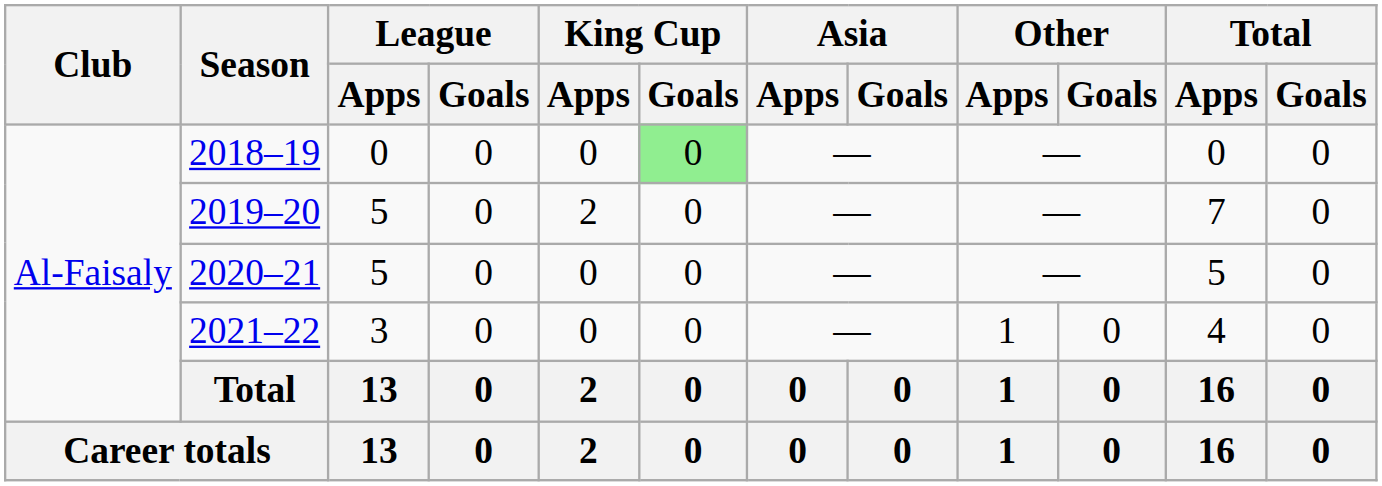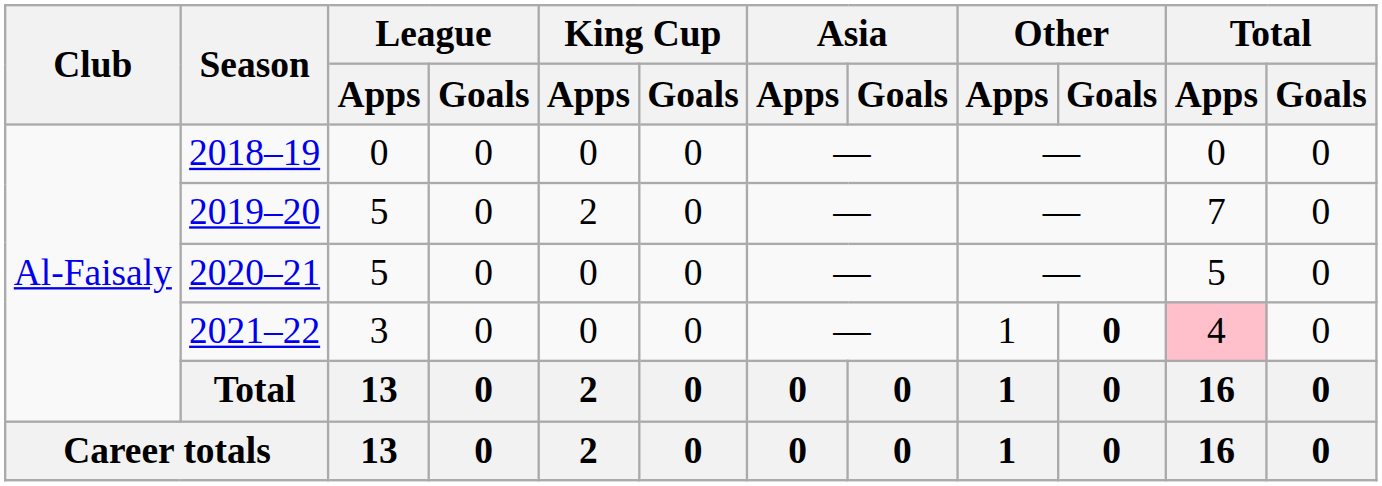 <table class="wikitable" style="text-align: center">
 <tr>
 <th rowspan=2>Club</th>
 <th rowspan=2>Season</th>
 <th colspan=2>League</th>
 <th colspan=2>King Cup</th>
 <th colspan=2>Asia</th>
 <th colspan=2>Other</th>
 <th colspan=2>Total</th>
 </tr>
 <tr>
 <th>Apps</th>
 <th>Goals</th>
 <th>Apps</th>
 <th>Goals</th>
 <th>Apps</th>
 <th>Goals</th>
 <th>Apps</th>
 <th>Goals</th>
 <th>Apps</th>
 <th>Goals</th>
 </tr>
 <tr>
 <td rowspan=5><a href='#'>Al-Faisaly</a></td>
 <td><a href='#'>2018–19</a></td>
 <td>0</td>
 <td>0</td>
 <td>0</td>
-<td style="background: lightgreen;">0</td>
+<td>0</td>
 <td colspan=2>—</td>
 <td colspan=2>—</td>
 <td>0</td>
 <td>0</td>
 </tr>
 <tr>
 <td><a href='#'>2019–20</a></td>
 <td>5</td>
 <td>0</td>
 <td>2</td>
 <td>0</td>
 <td colspan=2>—</td>
 <td colspan=2>—</td>
 <td>7</td>
 <td>0</td>
 </tr>
 <tr>
 <td><a href='#'>2020–21</a></td>
 <td>5</td>
 <td>0</td>
 <td>0</td>
 <td>0</td>
 <td colspan=2>—</td>
 <td colspan=2>—</td>
 <td>5</td>
 <td>0</td>
 </tr>
 <tr>
 <td><a href='#'>2021–22</a></td>
 <td>3</td>
 <td>0</td>
 <td>0</td>
 <td>0</td>
 <td colspan=2>—</td>
 <td>1</td>
-<td>0</td>
-<td>4</td>
+<td><strong>0</strong></td>
+<td style="background: pink;">4</td>
 <td>0</td>
 </tr>
 <tr>
 <th>Total</th>
 <th>13</th>
 <th>0</th>
 <th>2</th>
 <th>0</th>
 <th>0</th>
 <th>0</th>
 <th>1</th>
 <th>0</th>
 <th>16</th>
 <th>0</th>
 </tr>
 <tr>
 <th colspan=2>Career totals</th>
 <th>13</th>
 <th>0</th>
 <th>2</th>
 <th>0</th>
 <th>0</th>
 <th>0</th>
 <th>1</th>
 <th>0</th>
 <th>16</th>
 <th>0</th>
 </tr>
 </table>
